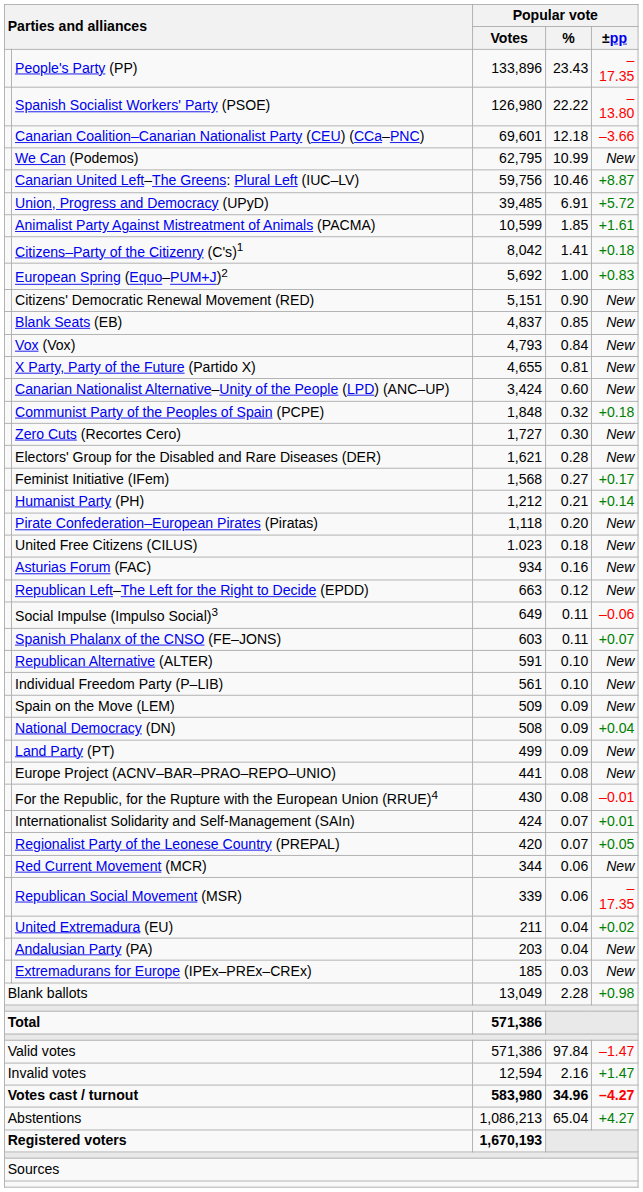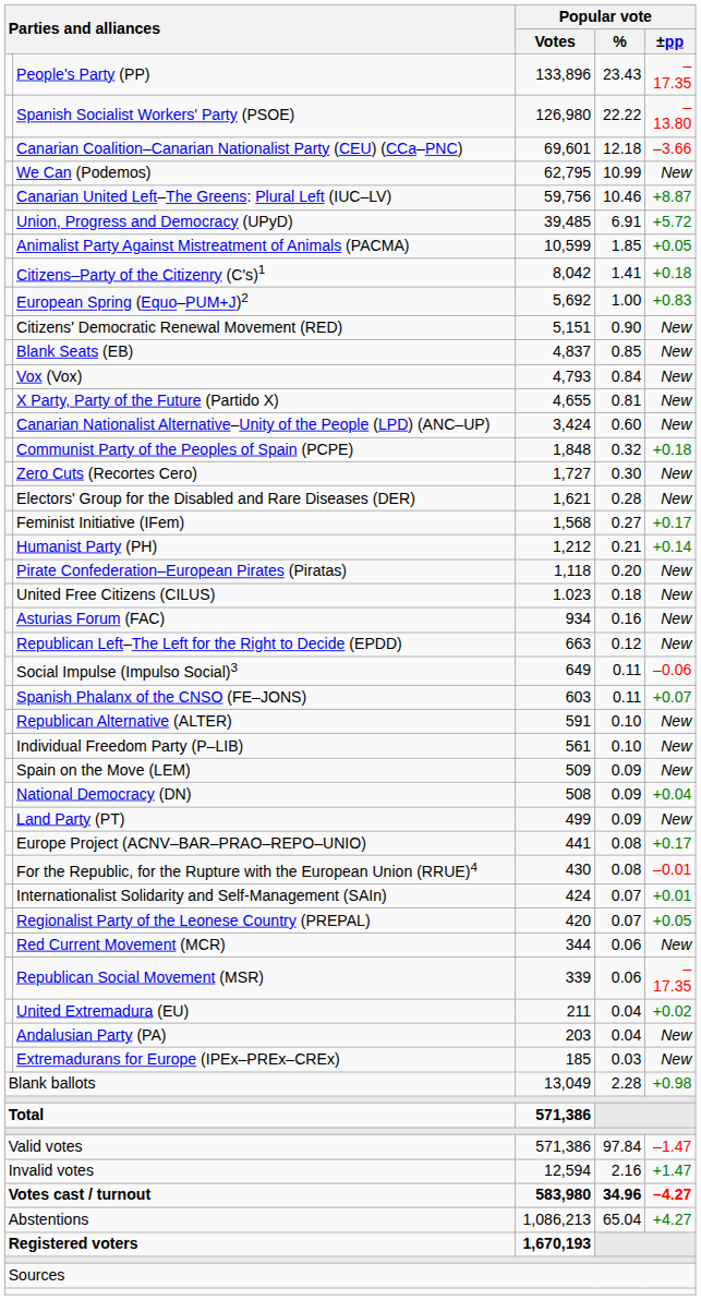 <table class="wikitable" style="text-align:right">
 <tr>
 <th style="text-align:left;" rowspan="2" colspan="2" width="525">Parties and alliances</th>
 <th colspan="3">Popular vote</th>
 </tr>
 <tr>
 <th width="75">Votes</th>
 <th width="45">%</th>
 <th width="45">±<a href='#'>pp</a></th>
 </tr>
 <tr>
 <td width="1" style="color:inherit;background:"></td>
 <td align="left"><a href='#'>People's Party</a> (PP)</td>
 <td>133,896</td>
 <td>23.43</td>
 <td style="color:red;">–17.35</td>
 </tr>
 <tr>
 <td style="color:inherit;background:"></td>
 <td align="left"><a href='#'>Spanish Socialist Workers' Party</a> (PSOE)</td>
 <td>126,980</td>
 <td>22.22</td>
 <td style="color:red;">–13.80</td>
 </tr>
 <tr>
 <td style="color:inherit;background:"></td>
 <td align="left"><a href='#'>Canarian Coalition–Canarian Nationalist Party</a> (<a href='#'>CEU</a>) (<a href='#'>CCa</a>–<a href='#'>PNC</a>)</td>
 <td>69,601</td>
 <td>12.18</td>
 <td style="color:red;">–3.66</td>
 </tr>
 <tr>
 <td style="color:inherit;background:"></td>
 <td align="left"><a href='#'>We Can</a> (Podemos)</td>
 <td>62,795</td>
 <td>10.99</td>
 <td><em>New</em></td>
 </tr>
 <tr>
 <td style="color:inherit;background:"></td>
 <td align="left"><a href='#'>Canarian United Left</a>–<a href='#'>The Greens</a>: <a href='#'>Plural Left</a> (IUC–LV)</td>
 <td>59,756</td>
 <td>10.46</td>
 <td style="color:green;">+8.87</td>
 </tr>
 <tr>
 <td style="color:inherit;background:"></td>
 <td align="left"><a href='#'>Union, Progress and Democracy</a> (UPyD)</td>
 <td>39,485</td>
 <td>6.91</td>
 <td style="color:green;">+5.72</td>
 </tr>
 <tr>
 <td style="color:inherit;background:"></td>
 <td align="left"><a href='#'>Animalist Party Against Mistreatment of Animals</a> (PACMA)</td>
 <td>10,599</td>
 <td>1.85</td>
-<td style="color:green;">+1.61</td>
+<td style="color:green;">+0.05</td>
 </tr>
 <tr>
 <td style="color:inherit;background:"></td>
 <td align="left"><a href='#'>Citizens–Party of the Citizenry</a> (C's)<sup>1</sup></td>
 <td>8,042</td>
 <td>1.41</td>
 <td style="color:green;">+0.18</td>
 </tr>
 <tr>
 <td style="color:inherit;background:"></td>
 <td align="left"><a href='#'>European Spring</a> (<a href='#'>Equo</a>–<a href='#'>PUM+J</a>)<sup>2</sup></td>
 <td>5,692</td>
 <td>1.00</td>
 <td style="color:green;">+0.83</td>
 </tr>
 <tr>
 <td style="color:inherit;background:"></td>
 <td align="left">Citizens' Democratic Renewal Movement (RED)</td>
 <td>5,151</td>
 <td>0.90</td>
 <td><em>New</em></td>
 </tr>
 <tr>
 <td style="color:inherit;background:"></td>
 <td align="left"><a href='#'>Blank Seats</a> (EB)</td>
 <td>4,837</td>
 <td>0.85</td>
 <td><em>New</em></td>
 </tr>
 <tr>
 <td style="color:inherit;background:"></td>
 <td align="left"><a href='#'>Vox</a> (Vox)</td>
 <td>4,793</td>
 <td>0.84</td>
 <td><em>New</em></td>
 </tr>
 <tr>
 <td style="color:inherit;background:"></td>
 <td align="left"><a href='#'>X Party, Party of the Future</a> (Partido X)</td>
 <td>4,655</td>
 <td>0.81</td>
 <td><em>New</em></td>
 </tr>
 <tr>
 <td style="color:inherit;background:"></td>
 <td align="left"><a href='#'>Canarian Nationalist Alternative</a>–<a href='#'>Unity of the People</a> (<a href='#'>LPD</a>) (ANC–UP)</td>
 <td>3,424</td>
 <td>0.60</td>
 <td><em>New</em></td>
 </tr>
 <tr>
 <td style="color:inherit;background:"></td>
 <td align="left"><a href='#'>Communist Party of the Peoples of Spain</a> (PCPE)</td>
 <td>1,848</td>
 <td>0.32</td>
 <td style="color:green;">+0.18</td>
 </tr>
 <tr>
 <td style="color:inherit;background:"></td>
 <td align="left"><a href='#'>Zero Cuts</a> (Recortes Cero)</td>
 <td>1,727</td>
 <td>0.30</td>
 <td><em>New</em></td>
 </tr>
 <tr>
 <td style="color:inherit;background:"></td>
 <td align="left">Electors' Group for the Disabled and Rare Diseases (DER)</td>
 <td>1,621</td>
 <td>0.28</td>
 <td><em>New</em></td>
 </tr>
 <tr>
 <td style="color:inherit;background:"></td>
 <td align="left">Feminist Initiative (IFem)</td>
 <td>1,568</td>
 <td>0.27</td>
 <td style="color:green;">+0.17</td>
 </tr>
 <tr>
 <td style="color:inherit;background:"></td>
 <td align="left"><a href='#'>Humanist Party</a> (PH)</td>
 <td>1,212</td>
 <td>0.21</td>
 <td style="color:green;">+0.14</td>
 </tr>
 <tr>
 <td style="color:inherit;background:"></td>
 <td align="left"><a href='#'>Pirate Confederation–European Pirates</a> (Piratas)</td>
 <td>1,118</td>
 <td>0.20</td>
 <td><em>New</em></td>
 </tr>
 <tr>
 <td style="color:inherit;background:"></td>
 <td align="left">United Free Citizens (CILUS)</td>
 <td>1.023</td>
 <td>0.18</td>
 <td><em>New</em></td>
 </tr>
 <tr>
 <td style="color:inherit;background:"></td>
 <td align="left"><a href='#'>Asturias Forum</a> (FAC)</td>
 <td>934</td>
 <td>0.16</td>
 <td><em>New</em></td>
 </tr>
 <tr>
 <td style="color:inherit;background:"></td>
 <td align="left"><a href='#'>Republican Left</a>–<a href='#'>The Left for the Right to Decide</a> (EPDD)</td>
 <td>663</td>
 <td>0.12</td>
 <td><em>New</em></td>
 </tr>
 <tr>
 <td style="color:inherit;background:"></td>
 <td align="left">Social Impulse (Impulso Social)<sup>3</sup></td>
 <td>649</td>
 <td>0.11</td>
 <td style="color:red;">–0.06</td>
 </tr>
 <tr>
 <td style="color:inherit;background:"></td>
 <td align="left"><a href='#'>Spanish Phalanx of the CNSO</a> (FE–JONS)</td>
 <td>603</td>
 <td>0.11</td>
 <td style="color:green;">+0.07</td>
 </tr>
 <tr>
 <td style="color:inherit;background:"></td>
 <td align="left"><a href='#'>Republican Alternative</a> (ALTER)</td>
 <td>591</td>
 <td>0.10</td>
 <td><em>New</em></td>
 </tr>
 <tr>
 <td style="color:inherit;background:"></td>
 <td align="left">Individual Freedom Party (P–LIB)</td>
 <td>561</td>
 <td>0.10</td>
 <td><em>New</em></td>
 </tr>
 <tr>
 <td style="color:inherit;background:"></td>
 <td align="left">Spain on the Move (LEM)</td>
 <td>509</td>
 <td>0.09</td>
 <td><em>New</em></td>
 </tr>
 <tr>
 <td style="color:inherit;background:"></td>
 <td align="left"><a href='#'>National Democracy</a> (DN)</td>
 <td>508</td>
 <td>0.09</td>
 <td style="color:green;">+0.04</td>
 </tr>
 <tr>
 <td style="color:inherit;background:"></td>
 <td align="left"><a href='#'>Land Party</a> (PT)</td>
 <td>499</td>
 <td>0.09</td>
 <td><em>New</em></td>
 </tr>
 <tr>
 <td style="color:inherit;background:"></td>
 <td align="left">Europe Project (ACNV–BAR–PRAO–REPO–UNIO)</td>
 <td>441</td>
 <td>0.08</td>
-<td><em>New</em></td>
+<td style="color:green;">+0.17</td>
 </tr>
 <tr>
 <td style="color:inherit;background:"></td>
 <td align="left">For the Republic, for the Rupture with the European Union (RRUE)<sup>4</sup></td>
 <td>430</td>
 <td>0.08</td>
 <td style="color:red;">–0.01</td>
 </tr>
 <tr>
 <td style="color:inherit;background:"></td>
 <td align="left">Internationalist Solidarity and Self-Management (SAIn)</td>
 <td>424</td>
 <td>0.07</td>
 <td style="color:green;">+0.01</td>
 </tr>
 <tr>
 <td style="color:inherit;background:"></td>
 <td align="left"><a href='#'>Regionalist Party of the Leonese Country</a> (PREPAL)</td>
 <td>420</td>
 <td>0.07</td>
 <td style="color:green;">+0.05</td>
 </tr>
 <tr>
 <td style="color:inherit;background:"></td>
 <td align="left"><a href='#'>Red Current Movement</a> (MCR)</td>
 <td>344</td>
 <td>0.06</td>
 <td><em>New</em></td>
 </tr>
 <tr>
 <td style="color:inherit;background:"></td>
 <td align="left"><a href='#'>Republican Social Movement</a> (MSR)</td>
 <td>339</td>
 <td>0.06</td>
 <td style="color:red;">–17.35</td>
 </tr>
 <tr>
 <td style="color:inherit;background:"></td>
 <td align="left"><a href='#'>United Extremadura</a> (EU)</td>
 <td>211</td>
 <td>0.04</td>
 <td style="color:green;">+0.02</td>
 </tr>
 <tr>
 <td style="color:inherit;background:"></td>
 <td align="left"><a href='#'>Andalusian Party</a> (PA)</td>
 <td>203</td>
 <td>0.04</td>
 <td><em>New</em></td>
 </tr>
 <tr>
 <td style="color:inherit;background:"></td>
 <td align="left"><a href='#'>Extremadurans for Europe</a> (IPEx–PREx–CREx)</td>
 <td>185</td>
 <td>0.03</td>
 <td><em>New</em></td>
 </tr>
 <tr>
 <td align="left" colspan="2">Blank ballots</td>
 <td>13,049</td>
 <td>2.28</td>
 <td style="color:green;">+0.98</td>
 </tr>
 <tr>
 <td colspan="5" bgcolor="#E9E9E9"></td>
 </tr>
 <tr style="font-weight:bold;">
 <td align="left" colspan="2">Total</td>
 <td>571,386</td>
 <td bgcolor="#E9E9E9" colspan="2"></td>
 </tr>
 <tr>
 <td colspan="5" bgcolor="#E9E9E9"></td>
 </tr>
 <tr>
 <td align="left" colspan="2">Valid votes</td>
 <td>571,386</td>
 <td>97.84</td>
 <td style="color:red;">–1.47</td>
 </tr>
 <tr>
 <td align="left" colspan="2">Invalid votes</td>
 <td>12,594</td>
 <td>2.16</td>
 <td style="color:green;">+1.47</td>
 </tr>
 <tr style="font-weight:bold;">
 <td align="left" colspan="2">Votes cast / turnout</td>
 <td>583,980</td>
 <td>34.96</td>
 <td style="color:red;">–4.27</td>
 </tr>
 <tr>
 <td align="left" colspan="2">Abstentions</td>
 <td>1,086,213</td>
 <td>65.04</td>
 <td style="color:green;">+4.27</td>
 </tr>
 <tr style="font-weight:bold;">
 <td align="left" colspan="2">Registered voters</td>
 <td>1,670,193</td>
 <td bgcolor="#E9E9E9" colspan="2"></td>
 </tr>
 <tr>
 <td colspan="5" bgcolor="#E9E9E9"></td>
 </tr>
 <tr>
 <td align="left" colspan="5">Sources</td>
 </tr>
 <tr>
 <td colspan="5" style="text-align:left; max-width:680px;"></td>
 </tr>
 </table>
